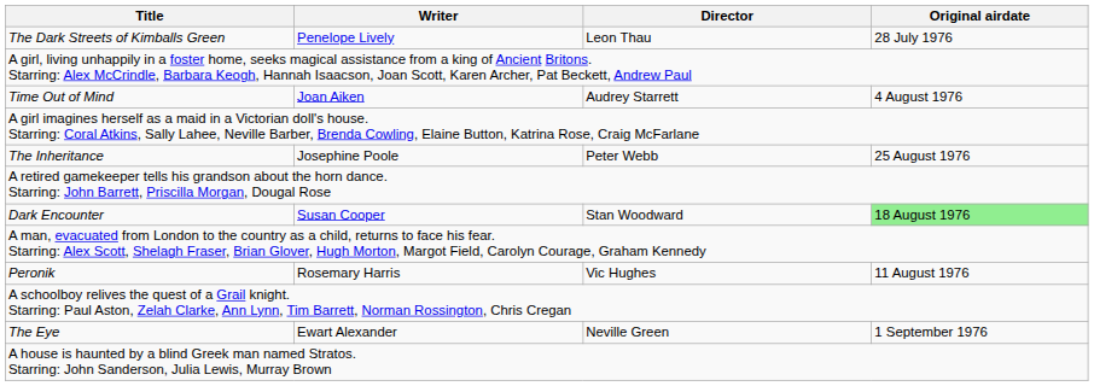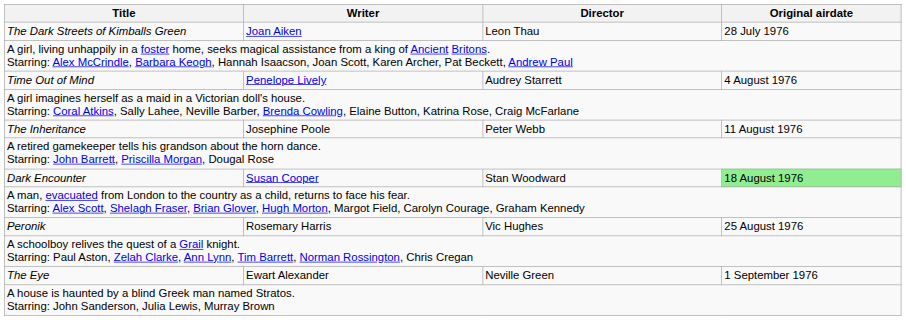 <table class="wikitable" width=100% style="margin-right: 0;">
 <tr>
 <th width=20%>Title</th>
 <th width=20%>Writer</th>
 <th width=20%>Director</th>
 <th width=15%>Original airdate</th>
 </tr>
 <tr>
 <td><em>The Dark Streets of Kimballs Green</em></td>
-<td><a href='#'>Penelope Lively</a></td>
+<td><a href='#'>Joan Aiken</a></td>
 <td>Leon Thau</td>
 <td>28 July 1976</td>
 </tr>
 <tr>
 <td colspan="5">A girl, living unhappily in a <a href='#'>foster</a> home, seeks magical assistance from a king of <a href='#'>Ancient</a> <a href='#'>Britons</a>.<br>Starring: <a href='#'>Alex McCrindle</a>, <a href='#'>Barbara Keogh</a>, Hannah Isaacson, Joan Scott, Karen Archer, Pat Beckett, <a href='#'>Andrew Paul</a></td>
 </tr>
 <tr>
 <td><em>Time Out of Mind</em></td>
-<td><a href='#'>Joan Aiken</a></td>
+<td><a href='#'>Penelope Lively</a></td>
 <td>Audrey Starrett</td>
 <td>4 August 1976</td>
 </tr>
 <tr>
 <td colspan="5">A girl imagines herself as a maid in a Victorian doll's house.<br>Starring: <a href='#'>Coral Atkins</a>, Sally Lahee, Neville Barber, <a href='#'>Brenda Cowling</a>, Elaine Button, Katrina Rose, Craig McFarlane</td>
 </tr>
 <tr>
 <td><em>The Inheritance</em></td>
 <td>Josephine Poole</td>
 <td>Peter Webb</td>
-<td>25 August 1976</td>
+<td>11 August 1976</td>
 </tr>
 <tr>
 <td colspan="5">A retired gamekeeper tells his grandson about the horn dance.<br>Starring: <a href='#'>John Barrett</a>, <a href='#'>Priscilla Morgan</a>, Dougal Rose</td>
 </tr>
 <tr>
 <td><em>Dark Encounter</em></td>
 <td><a href='#'>Susan Cooper</a></td>
 <td>Stan Woodward</td>
 <td style="background: lightgreen;">18 August 1976</td>
 </tr>
 <tr>
 <td colspan="5">A man, <a href='#'> evacuated</a> from London to the country as a child, returns to face his fear.<br>Starring: <a href='#'>Alex Scott</a>, <a href='#'>Shelagh Fraser</a>, <a href='#'>Brian Glover</a>, <a href='#'>Hugh Morton</a>, Margot Field, Carolyn Courage, Graham Kennedy</td>
 </tr>
 <tr>
 <td><em>Peronik</em></td>
 <td>Rosemary Harris</td>
 <td>Vic Hughes</td>
-<td>11 August 1976</td>
+<td>25 August 1976</td>
 </tr>
 <tr>
 <td colspan="5">A schoolboy relives the quest of a <a href='#'>Grail</a> knight.<br>Starring: Paul Aston, <a href='#'>Zelah Clarke</a>, <a href='#'>Ann Lynn</a>, <a href='#'>Tim Barrett</a>, <a href='#'>Norman Rossington</a>, Chris Cregan</td>
 </tr>
 <tr>
 <td><em>The Eye</em></td>
 <td>Ewart Alexander</td>
 <td>Neville Green</td>
 <td>1 September 1976</td>
 </tr>
 <tr>
 <td colspan="5">A house is haunted by a blind Greek man named Stratos.<br>Starring: John Sanderson, Julia Lewis, Murray Brown</td>
 </tr>
 </table>
